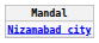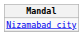 <table class="wikitable sortable static-row-numbers static-row-header-hash">
 <tr>
 <th>Mandal</th>
 </tr>
 <tr>
-<td><strong><a href='#'>Nizamabad city</a></strong></td>
+<td><a href='#'>Nizamabad city</a></td>
 </tr>
 <tr>
 </tr>
 </table>
